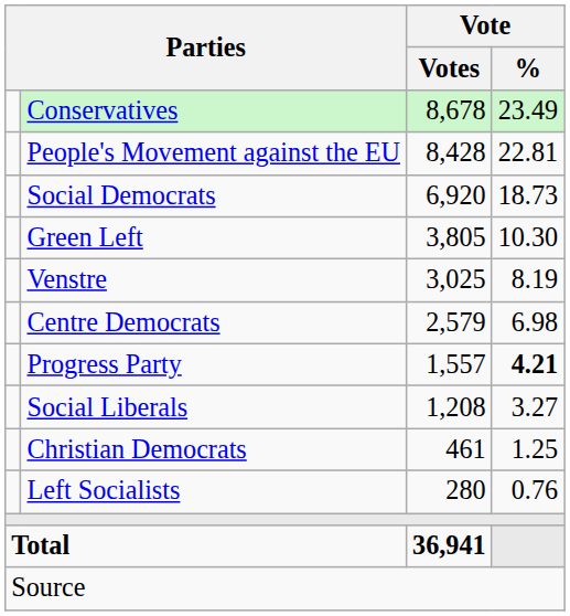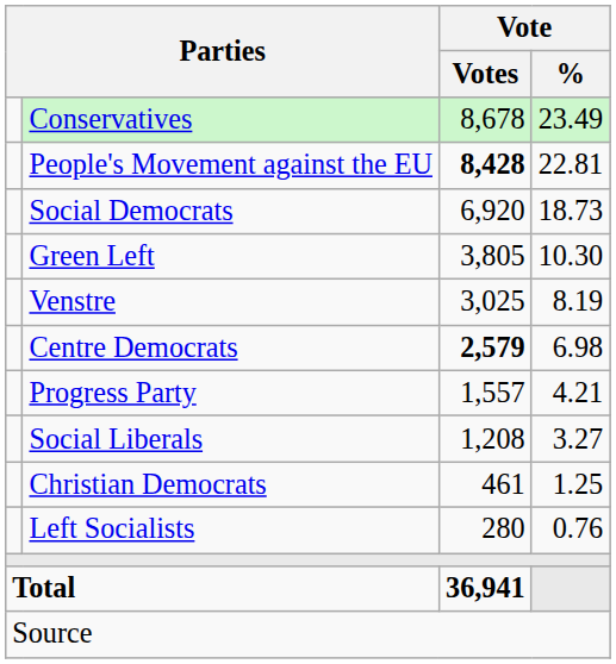 <table class="wikitable" style="text-align:right;">
 <tr>
 <th style="text-align:centre;" rowspan="2" colspan="2" width="225">Parties</th>
 <th colspan="3">Vote</th>
 </tr>
 <tr>
 <th width="15">Votes</th>
 <th width="15">%</th>
 </tr>
 <tr>
 <td width="2" style="color:inherit;background:"></td>
 <td bgcolor=#ccf7cc   align="left"><a href='#'>Conservatives</a></td>
 <td bgcolor=#ccf7cc>8,678</td>
 <td bgcolor=#ccf7cc>23.49</td>
 </tr>
 <tr>
 <td width="2" style="color:inherit;background:"></td>
 <td align="left"><a href='#'>People's Movement against the EU</a></td>
-<td>8,428</td>
+<td><strong>8,428</strong></td>
 <td>22.81</td>
 </tr>
 <tr>
 <td width="2" style="color:inherit;background:"></td>
 <td align="left"><a href='#'>Social Democrats</a></td>
 <td>6,920</td>
 <td>18.73</td>
 </tr>
 <tr>
 <td width="2" style="color:inherit;background:"></td>
 <td align="left"><a href='#'>Green Left</a></td>
 <td>3,805</td>
 <td>10.30</td>
 </tr>
 <tr>
 <td width="2" style="color:inherit;background:"></td>
 <td align="left"><a href='#'>Venstre</a></td>
 <td>3,025</td>
 <td>8.19</td>
 </tr>
 <tr>
 <td width="2" style="color:inherit;background:"></td>
 <td align="left"><a href='#'>Centre Democrats</a></td>
-<td>2,579</td>
+<td><strong>2,579</strong></td>
 <td>6.98</td>
 </tr>
 <tr>
 <td width="2" style="color:inherit;background:"></td>
 <td align="left"><a href='#'>Progress Party</a></td>
 <td>1,557</td>
-<td><strong>4.21</strong></td>
+<td>4.21</td>
 </tr>
 <tr>
 <td width="2" style="color:inherit;background:"></td>
 <td align="left"><a href='#'>Social Liberals</a></td>
 <td>1,208</td>
 <td>3.27</td>
 </tr>
 <tr>
 <td width="2" style="color:inherit;background:"></td>
 <td align="left"><a href='#'>Christian Democrats</a></td>
 <td>461</td>
 <td>1.25</td>
 </tr>
 <tr>
 <td width="2" style="color:inherit;background:"></td>
 <td align="left"><a href='#'>Left Socialists</a></td>
 <td>280</td>
 <td>0.76</td>
 </tr>
 <tr>
 <td colspan="7" bgcolor="#E9E9E9"></td>
 </tr>
 <tr>
 <td align="left" colspan="2"><strong>Total</strong></td>
 <td><strong>36,941</strong></td>
 <td bgcolor="#E9E9E9" colspan="2"></td>
 </tr>
 <tr>
 <td align="left" colspan="6">Source</td>
 </tr>
 </table>
